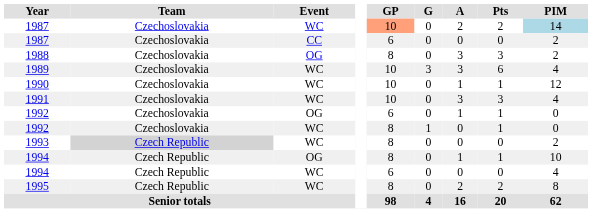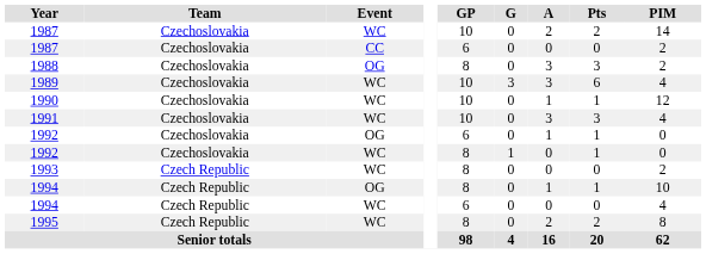 <table border="0" cellpadding="1" cellspacing="0" style="text-align:center; width:50em">
 <tr ALIGN="center" bgcolor="#e0e0e0">
 <th>Year</th>
 <th>Team</th>
 <th>Event</th>
 <th rowspan="99" bgcolor="#ffffff"> </th>
 <th>GP</th>
 <th>G</th>
 <th>A</th>
 <th>Pts</th>
 <th>PIM</th>
 </tr>
 <tr>
 <td><a href='#'>1987</a></td>
 <td><a href='#'>Czechoslovakia</a></td>
 <td><a href='#'>WC</a></td>
-<td style="background: lightsalmon;">10</td>
+<td>10</td>
 <td>0</td>
 <td>2</td>
 <td>2</td>
-<td style="background: lightblue;">14</td>
+<td>14</td>
 </tr>
 <tr bgcolor="#f0f0f0">
 <td><a href='#'>1987</a></td>
 <td>Czechoslovakia</td>
 <td><a href='#'>CC</a></td>
 <td>6</td>
 <td>0</td>
 <td>0</td>
 <td>0</td>
 <td>2</td>
 </tr>
 <tr>
 <td><a href='#'>1988</a></td>
 <td>Czechoslovakia</td>
 <td><a href='#'>OG</a></td>
 <td>8</td>
 <td>0</td>
 <td>3</td>
 <td>3</td>
 <td>2</td>
 </tr>
 <tr bgcolor="#f0f0f0">
 <td><a href='#'>1989</a></td>
 <td>Czechoslovakia</td>
 <td>WC</td>
 <td>10</td>
 <td>3</td>
 <td>3</td>
 <td>6</td>
 <td>4</td>
 </tr>
 <tr>
 <td><a href='#'>1990</a></td>
 <td>Czechoslovakia</td>
 <td>WC</td>
 <td>10</td>
 <td>0</td>
 <td>1</td>
 <td>1</td>
 <td>12</td>
 </tr>
 <tr bgcolor="#f0f0f0">
 <td><a href='#'>1991</a></td>
 <td>Czechoslovakia</td>
 <td>WC</td>
 <td>10</td>
 <td>0</td>
 <td>3</td>
 <td>3</td>
 <td>4</td>
 </tr>
 <tr>
 <td><a href='#'>1992</a></td>
 <td>Czechoslovakia</td>
 <td>OG</td>
 <td>6</td>
 <td>0</td>
 <td>1</td>
 <td>1</td>
 <td>0</td>
 </tr>
 <tr bgcolor="#f0f0f0">
 <td><a href='#'>1992</a></td>
 <td>Czechoslovakia</td>
 <td>WC</td>
 <td>8</td>
 <td>1</td>
 <td>0</td>
 <td>1</td>
 <td>0</td>
 </tr>
 <tr>
 <td><a href='#'>1993</a></td>
-<td style="background: lightgrey;"><a href='#'>Czech Republic</a></td>
+<td><a href='#'>Czech Republic</a></td>
 <td>WC</td>
 <td>8</td>
 <td>0</td>
 <td>0</td>
 <td>0</td>
 <td>2</td>
 </tr>
 <tr bgcolor="#f0f0f0">
 <td><a href='#'>1994</a></td>
 <td>Czech Republic</td>
 <td>OG</td>
 <td>8</td>
 <td>0</td>
 <td>1</td>
 <td>1</td>
 <td>10</td>
 </tr>
 <tr>
 <td><a href='#'>1994</a></td>
 <td>Czech Republic</td>
 <td>WC</td>
 <td>6</td>
 <td>0</td>
 <td>0</td>
 <td>0</td>
 <td>4</td>
 </tr>
 <tr bgcolor="#f0f0f0">
 <td><a href='#'>1995</a></td>
 <td>Czech Republic</td>
 <td>WC</td>
 <td>8</td>
 <td>0</td>
 <td>2</td>
 <td>2</td>
 <td>8</td>
 </tr>
 <tr bgcolor="#e0e0e0">
 <th colspan=3>Senior totals</th>
 <th>98</th>
 <th>4</th>
 <th>16</th>
 <th>20</th>
 <th>62</th>
 </tr>
 </table>
